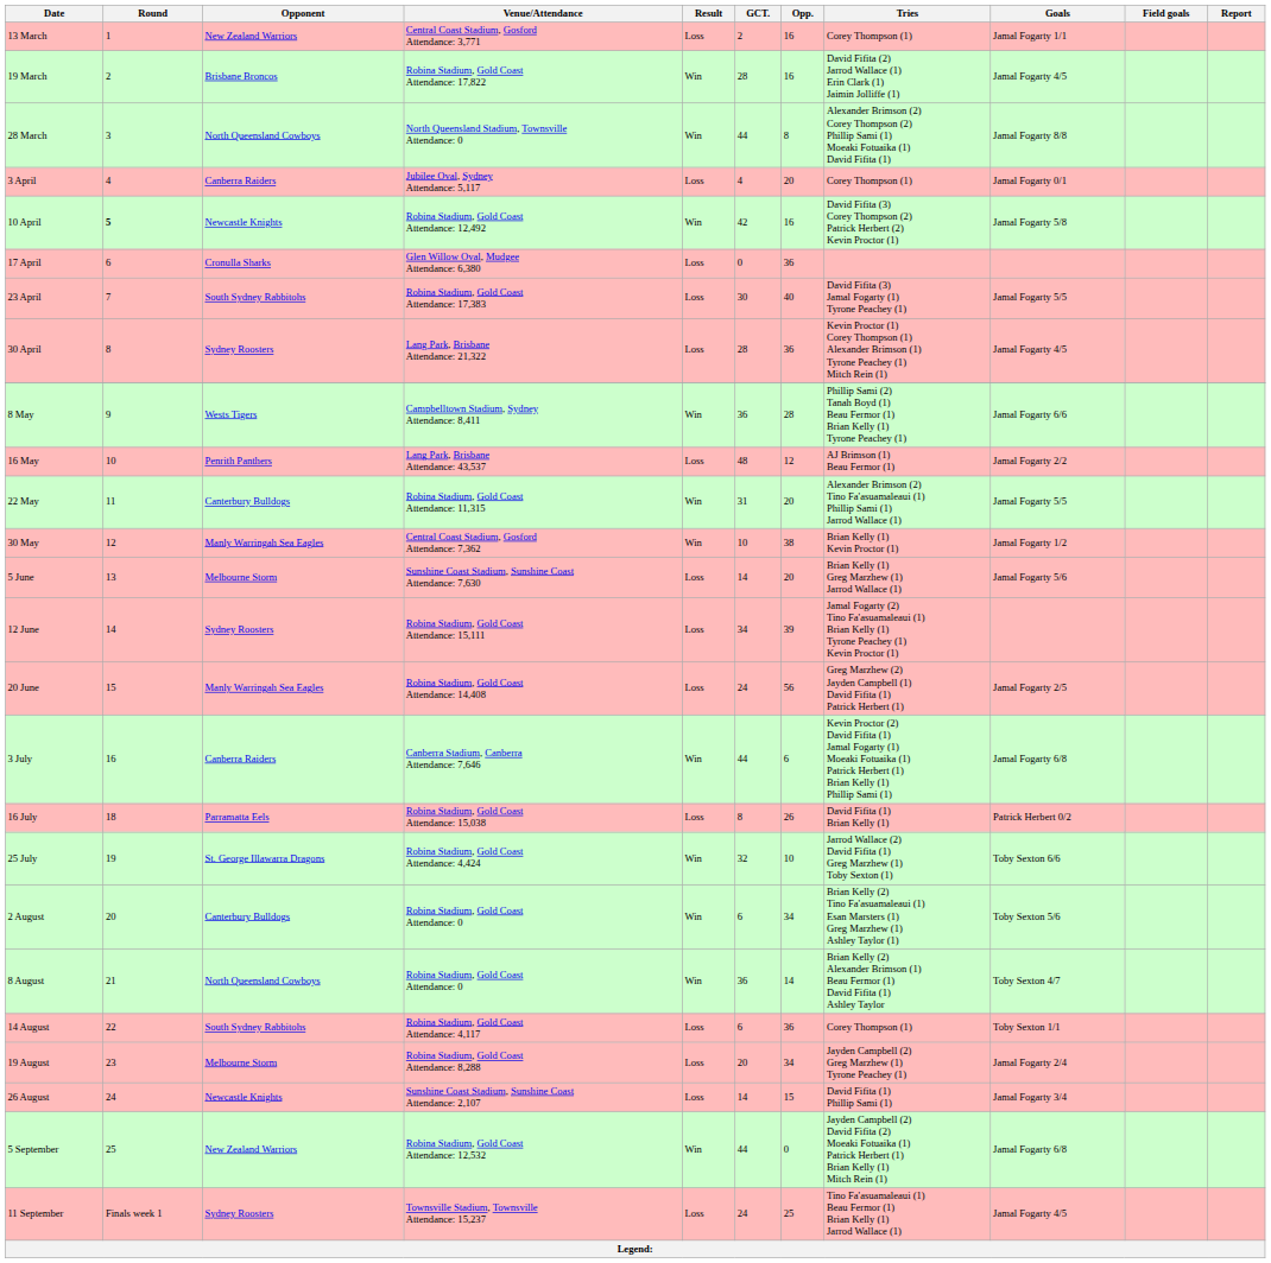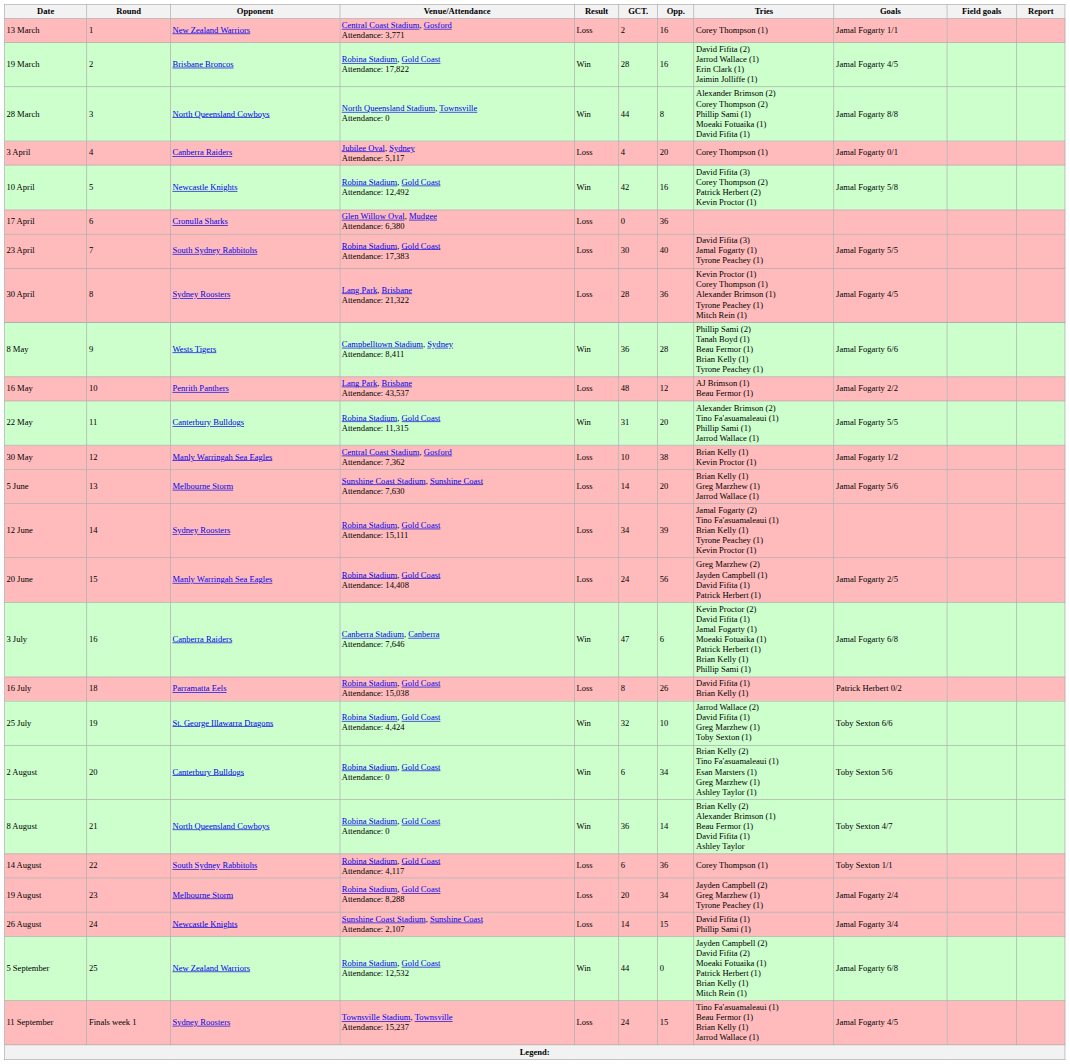 <table class="wikitable"  style="font-size:80%; width:100%;">
 <tr>
 <th>Date</th>
 <th>Round</th>
 <th>Opponent</th>
 <th>Venue/Attendance</th>
 <th>Result</th>
 <th>GCT.</th>
 <th>Opp.</th>
 <th>Tries</th>
 <th>Goals</th>
 <th>Field goals</th>
 <th>Report</th>
 </tr>
 <tr style="background:#FFBBBB">
 <td>13 March</td>
 <td>1</td>
 <td> <a href='#'>New Zealand Warriors</a></td>
 <td><a href='#'>Central Coast Stadium</a>, <a href='#'>Gosford</a><br>Attendance: 3,771</td>
 <td>Loss</td>
 <td>2</td>
 <td>16</td>
 <td>Corey Thompson (1)</td>
 <td>Jamal Fogarty 1/1</td>
 <td></td>
 <td></td>
 </tr>
 <tr style="background:#CCFFCC">
 <td>19 March</td>
 <td>2</td>
 <td> <a href='#'>Brisbane Broncos</a></td>
 <td><a href='#'>Robina Stadium</a>, <a href='#'>Gold Coast</a><br>Attendance: 17,822</td>
 <td>Win</td>
 <td>28</td>
 <td>16</td>
 <td>David Fifita (2)<br>Jarrod Wallace (1)<br>Erin Clark (1)<br>Jaimin Jolliffe (1)</td>
 <td>Jamal Fogarty 4/5</td>
 <td></td>
 <td></td>
 </tr>
 <tr style="background:#CCFFCC">
 <td>28 March</td>
 <td>3</td>
 <td> <a href='#'>North Queensland Cowboys</a></td>
 <td><a href='#'>North Queensland Stadium</a>, <a href='#'>Townsville</a><br>Attendance: 0</td>
 <td>Win</td>
 <td>44</td>
 <td>8</td>
 <td>Alexander Brimson (2)<br>Corey Thompson (2)<br>Phillip Sami (1)<br>Moeaki Fotuaika (1)<br>David Fifita (1)</td>
 <td>Jamal Fogarty 8/8</td>
 <td></td>
 <td></td>
 </tr>
 <tr style="background:#FFBBBB">
 <td>3 April</td>
 <td>4</td>
 <td> <a href='#'>Canberra Raiders</a></td>
 <td><a href='#'>Jubilee Oval</a>, <a href='#'>Sydney</a><br>Attendance: 5,117</td>
 <td>Loss</td>
 <td>4</td>
 <td>20</td>
 <td>Corey Thompson (1)</td>
 <td>Jamal Fogarty 0/1</td>
 <td></td>
 <td></td>
 </tr>
 <tr style="background:#CCFFCC">
 <td>10 April</td>
-<td><strong>5</strong></td>
+<td>5</td>
 <td> <a href='#'>Newcastle Knights</a></td>
 <td><a href='#'>Robina Stadium</a>, <a href='#'>Gold Coast</a><br>Attendance: 12,492</td>
 <td>Win</td>
 <td>42</td>
 <td>16</td>
 <td>David Fifita (3)<br>Corey Thompson (2)<br>Patrick Herbert (2)<br>Kevin Proctor (1)</td>
 <td>Jamal Fogarty 5/8</td>
 <td></td>
 <td></td>
 </tr>
 <tr style="background:#FFBBBB">
 <td>17 April</td>
 <td>6</td>
 <td> <a href='#'>Cronulla Sharks</a></td>
 <td><a href='#'>Glen Willow Oval</a>, <a href='#'>Mudgee</a><br>Attendance: 6,380</td>
 <td>Loss</td>
 <td>0</td>
 <td>36</td>
 <td></td>
 <td></td>
 <td></td>
 <td></td>
 </tr>
 <tr style="background:#FFBBBB">
 <td>23 April</td>
 <td>7</td>
 <td> <a href='#'>South Sydney Rabbitohs</a></td>
 <td><a href='#'>Robina Stadium</a>, <a href='#'>Gold Coast</a><br>Attendance: 17,383</td>
 <td>Loss</td>
 <td>30</td>
 <td>40</td>
 <td>David Fifita (3)<br>Jamal Fogarty (1)<br>Tyrone Peachey (1)</td>
 <td>Jamal Fogarty 5/5</td>
 <td></td>
 <td></td>
 </tr>
 <tr style="background:#FFBBBB">
 <td>30 April</td>
 <td>8</td>
 <td> <a href='#'>Sydney Roosters</a></td>
 <td><a href='#'>Lang Park</a>, <a href='#'>Brisbane</a><br>Attendance: 21,322</td>
 <td>Loss</td>
 <td>28</td>
 <td>36</td>
 <td>Kevin Proctor (1)<br>Corey Thompson (1)<br>Alexander Brimson (1)<br>Tyrone Peachey (1)<br>Mitch Rein (1)</td>
 <td>Jamal Fogarty 4/5</td>
 <td></td>
 <td></td>
 </tr>
 <tr>
 </tr>
 <tr style="background:#CCFFCC">
 <td>8 May</td>
 <td>9</td>
 <td> <a href='#'>Wests Tigers</a></td>
 <td><a href='#'>Campbelltown Stadium</a>, <a href='#'>Sydney</a><br>Attendance: 8,411</td>
 <td>Win</td>
 <td>36</td>
 <td>28</td>
 <td>Phillip Sami (2)<br>Tanah Boyd (1)<br>Beau Fermor (1)<br>Brian Kelly (1)<br>Tyrone Peachey (1)</td>
 <td>Jamal Fogarty 6/6</td>
 <td></td>
 <td></td>
 </tr>
 <tr style="background:#FFBBBB">
 <td>16 May</td>
 <td>10</td>
 <td> <a href='#'>Penrith Panthers</a></td>
 <td><a href='#'>Lang Park</a>, <a href='#'>Brisbane</a><br>Attendance: 43,537</td>
 <td>Loss</td>
 <td>48</td>
 <td>12</td>
 <td>AJ Brimson (1)<br>Beau Fermor (1)</td>
 <td>Jamal Fogarty 2/2</td>
 <td></td>
 <td></td>
 </tr>
 <tr style="background:#CCFFCC">
 <td>22 May</td>
 <td>11</td>
 <td> <a href='#'>Canterbury Bulldogs</a></td>
 <td><a href='#'>Robina Stadium</a>, <a href='#'>Gold Coast</a><br>Attendance: 11,315</td>
 <td>Win</td>
 <td>31</td>
 <td>20</td>
 <td>Alexander Brimson (2)<br>Tino Fa'asuamaleaui (1)<br>Phillip Sami (1)<br>Jarrod Wallace (1)</td>
 <td>Jamal Fogarty 5/5</td>
 <td></td>
 <td></td>
 </tr>
 <tr style="background:#FFBBBB">
 <td>30 May</td>
 <td>12</td>
 <td> <a href='#'>Manly Warringah Sea Eagles</a></td>
 <td><a href='#'>Central Coast Stadium</a>, <a href='#'>Gosford</a><br>Attendance: 7,362</td>
-<td>Win</td>
+<td>Loss</td>
 <td>10</td>
 <td>38</td>
 <td>Brian Kelly (1)<br>Kevin Proctor (1)</td>
 <td>Jamal Fogarty 1/2</td>
 <td></td>
 <td></td>
 </tr>
 <tr style="background:#FFBBBB">
 <td>5 June</td>
 <td>13</td>
 <td> <a href='#'>Melbourne Storm</a></td>
 <td><a href='#'>Sunshine Coast Stadium</a>, <a href='#'>Sunshine Coast</a><br>Attendance: 7,630</td>
 <td>Loss</td>
 <td>14</td>
 <td>20</td>
 <td>Brian Kelly (1)<br>Greg Marzhew (1)<br>Jarrod Wallace (1)</td>
 <td>Jamal Fogarty 5/6</td>
 <td></td>
 <td></td>
 </tr>
 <tr style="background:#FFBBBB">
 <td>12 June</td>
 <td>14</td>
 <td> <a href='#'>Sydney Roosters</a></td>
 <td><a href='#'>Robina Stadium</a>, <a href='#'>Gold Coast</a><br>Attendance: 15,111</td>
 <td>Loss</td>
 <td>34</td>
 <td>39</td>
 <td>Jamal Fogarty (2)<br>Tino Fa'asuamaleaui (1)<br>Brian Kelly (1)<br>Tyrone Peachey (1)<br>Kevin Proctor (1)</td>
 <td></td>
 <td></td>
 <td></td>
 </tr>
 <tr style="background:#FFBBBB">
 <td>20 June</td>
 <td>15</td>
 <td> <a href='#'>Manly Warringah Sea Eagles</a></td>
 <td><a href='#'>Robina Stadium</a>, <a href='#'>Gold Coast</a><br>Attendance: 14,408</td>
 <td>Loss</td>
 <td>24</td>
 <td>56</td>
 <td>Greg Marzhew (2)<br>Jayden Campbell (1)<br>David Fifita (1)<br>Patrick Herbert (1)</td>
 <td>Jamal Fogarty 2/5</td>
 <td></td>
 <td></td>
 </tr>
 <tr style="background:#CCFFCC">
 <td>3 July</td>
 <td>16</td>
 <td> <a href='#'>Canberra Raiders</a></td>
 <td><a href='#'>Canberra Stadium</a>, <a href='#'>Canberra</a><br>Attendance: 7,646</td>
 <td>Win</td>
-<td>44</td>
+<td>47</td>
 <td>6</td>
 <td>Kevin Proctor (2)<br>David Fifita (1)<br>Jamal Fogarty (1)<br>Moeaki Fotuaika (1)<br>Patrick Herbert (1)<br>Brian Kelly (1)<br>Phillip Sami (1)</td>
 <td>Jamal Fogarty 6/8</td>
 <td></td>
 <td></td>
 </tr>
 <tr style="background:#FFBBBB">
 <td>16 July</td>
 <td>18</td>
 <td> <a href='#'>Parramatta Eels</a></td>
 <td><a href='#'>Robina Stadium</a>, <a href='#'>Gold Coast</a><br>Attendance: 15,038</td>
 <td>Loss</td>
 <td>8</td>
 <td>26</td>
 <td>David Fifita (1)<br>Brian Kelly (1)</td>
 <td>Patrick Herbert 0/2</td>
 <td></td>
 <td></td>
 </tr>
 <tr style="background:#CCFFCC">
 <td>25 July</td>
 <td>19</td>
 <td> <a href='#'>St. George Illawarra Dragons</a></td>
 <td><a href='#'>Robina Stadium</a>, <a href='#'>Gold Coast</a><br>Attendance: 4,424</td>
 <td>Win</td>
 <td>32</td>
 <td>10</td>
 <td>Jarrod Wallace (2)<br>David Fifita (1)<br>Greg Marzhew (1)<br>Toby Sexton (1)</td>
 <td>Toby Sexton 6/6</td>
 <td></td>
 <td></td>
 </tr>
 <tr style="background:#CCFFCC">
 <td>2 August</td>
 <td>20</td>
 <td> <a href='#'>Canterbury Bulldogs</a></td>
 <td><a href='#'>Robina Stadium</a>, <a href='#'>Gold Coast</a><br>Attendance: 0</td>
 <td>Win</td>
 <td>6</td>
 <td>34</td>
 <td>Brian Kelly (2)<br>Tino Fa'asuamaleaui (1)<br>Esan Marsters (1)<br>Greg Marzhew (1)<br>Ashley Taylor (1)</td>
 <td>Toby Sexton 5/6</td>
 <td></td>
 <td></td>
 </tr>
 <tr style="background:#CCFFCC">
 <td>8 August</td>
 <td>21</td>
 <td> <a href='#'>North Queensland Cowboys</a></td>
 <td><a href='#'>Robina Stadium</a>, <a href='#'>Gold Coast</a><br>Attendance: 0</td>
 <td>Win</td>
 <td>36</td>
 <td>14</td>
 <td>Brian Kelly (2)<br>Alexander Brimson (1)<br>Beau Fermor (1)<br>David Fifita (1)<br> Ashley Taylor</td>
 <td>Toby Sexton 4/7</td>
 <td></td>
 <td></td>
 </tr>
 <tr style="background:#FFBBBB">
 <td>14 August</td>
 <td>22</td>
 <td> <a href='#'>South Sydney Rabbitohs</a></td>
 <td><a href='#'>Robina Stadium</a>, <a href='#'>Gold Coast</a><br>Attendance: 4,117</td>
 <td>Loss</td>
 <td>6</td>
 <td>36</td>
 <td>Corey Thompson (1)</td>
 <td>Toby Sexton 1/1</td>
 <td></td>
 <td></td>
 </tr>
 <tr style="background:#FFBBBB">
 <td>19 August</td>
 <td>23</td>
 <td> <a href='#'>Melbourne Storm</a></td>
 <td><a href='#'>Robina Stadium</a>, <a href='#'>Gold Coast</a><br>Attendance: 8,288</td>
 <td>Loss</td>
 <td>20</td>
 <td>34</td>
 <td>Jayden Campbell (2)<br>Greg Marzhew (1)<br>Tyrone Peachey (1)</td>
 <td>Jamal Fogarty 2/4</td>
 <td></td>
 <td></td>
 </tr>
 <tr style="background:#FFBBBB">
 <td>26 August</td>
 <td>24</td>
 <td> <a href='#'>Newcastle Knights</a></td>
 <td><a href='#'>Sunshine Coast Stadium</a>, <a href='#'>Sunshine Coast</a><br>Attendance: 2,107</td>
 <td>Loss</td>
 <td>14</td>
 <td>15</td>
 <td>David Fifita (1)<br>Phillip Sami (1)</td>
 <td>Jamal Fogarty 3/4</td>
 <td></td>
 <td></td>
 </tr>
 <tr style="background:#CCFFCC">
 <td>5 September</td>
 <td>25</td>
 <td> <a href='#'>New Zealand Warriors</a></td>
 <td><a href='#'>Robina Stadium</a>, <a href='#'>Gold Coast</a><br>Attendance: 12,532</td>
 <td>Win</td>
 <td>44</td>
 <td>0</td>
 <td>Jayden Campbell (2)<br>David Fifita (2)<br>Moeaki Fotuaika (1)<br>Patrick Herbert (1)<br>Brian Kelly (1)<br>Mitch Rein (1)</td>
 <td>Jamal Fogarty 6/8</td>
 <td></td>
 <td></td>
 </tr>
 <tr style="background:#FFBBBB">
 <td>11 September</td>
 <td>Finals week 1</td>
 <td> <a href='#'>Sydney Roosters</a></td>
 <td><a href='#'>Townsville Stadium</a>, <a href='#'>Townsville</a><br>Attendance: 15,237</td>
 <td>Loss</td>
 <td>24</td>
-<td>25</td>
+<td>15</td>
 <td>Tino Fa'asuamaleaui (1)<br>Beau Fermor (1)<br>Brian Kelly (1)<br>Jarrod Wallace (1)</td>
 <td>Jamal Fogarty 4/5</td>
 <td></td>
 <td></td>
 </tr>
 <tr>
 <th colspan="11"><strong>Legend</strong>:<br>   </th>
 </tr>
 </table>
